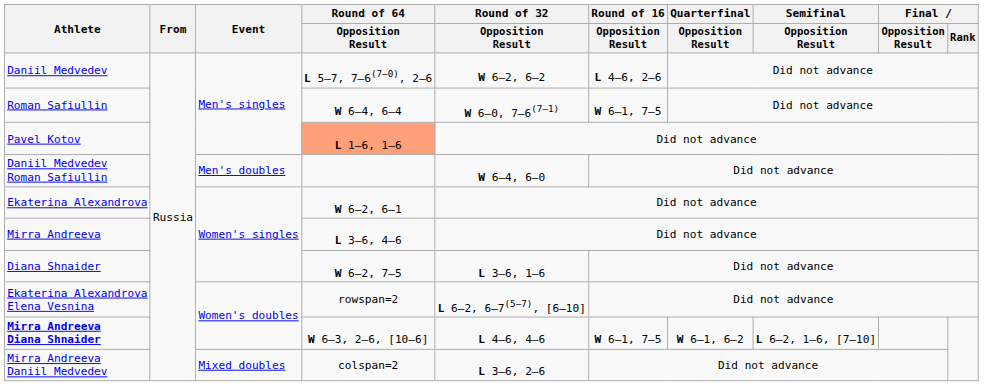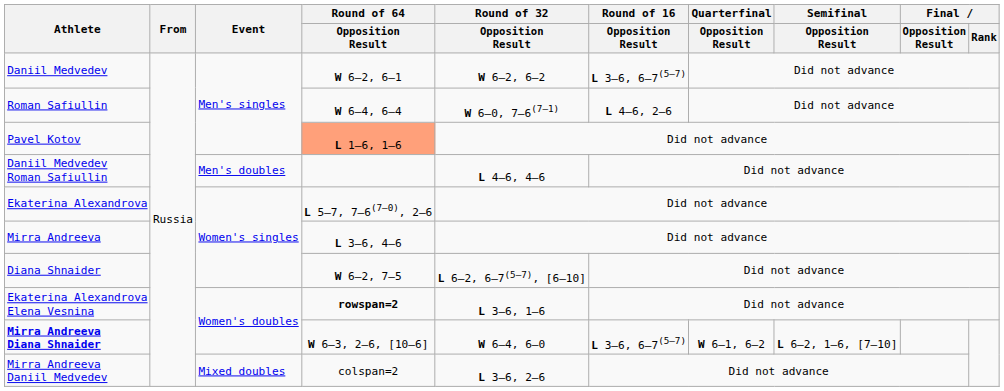 <table class=wikitable style="text-align:center; font-size:90%">
 <tr>
 <th rowspan=2>Athlete</th>
 <th rowspan=2>From</th>
 <th rowspan=2>Event</th>
 <th>Round of 64</th>
 <th>Round of 32</th>
 <th>Round of 16</th>
 <th>Quarterfinal</th>
 <th>Semifinal</th>
 <th colspan=2>Final / </th>
 </tr>
 <tr style="font-size:95%">
 <th>Opposition<br>Result</th>
 <th>Opposition<br>Result</th>
 <th>Opposition<br>Result</th>
 <th>Opposition<br>Result</th>
 <th>Opposition<br>Result</th>
 <th>Opposition<br>Result</th>
 <th>Rank</th>
 </tr>
 <tr>
 <td align=left><a href='#'>Daniil Medvedev</a></td>
 <td align=left rowspan=10>Russia</td>
 <td align=left rowspan=3><a href='#'>Men's singles</a></td>
-<td><br><strong>L</strong> 5–7, 7–6<sup>(7–0)</sup>, 2–6</td>
+<td><br><strong>W</strong> 6–2, 6–1</td>
 <td><br><strong>W</strong> 6–2, 6–2</td>
-<td><br><strong>L</strong> 4–6, 2–6</td>
+<td><br><strong>L</strong> 3–6, 6–7<sup>(5–7)</sup></td>
 <td colspan=4>Did not advance</td>
 </tr>
 <tr>
 <td align=left><a href='#'>Roman Safiullin</a></td>
 <td><br><strong>W</strong> 6–4, 6–4</td>
 <td><br><strong>W</strong> 6–0, 7–6<sup>(7–1)</sup></td>
-<td><br><strong>W</strong> 6–1, 7–5</td>
+<td><br><strong>L</strong> 4–6, 2–6</td>
 <td colspan=4>Did not advance</td>
 </tr>
 <tr>
 <td align=left><a href='#'>Pavel Kotov</a></td>
 <td style="background: lightsalmon;"><br><strong>L</strong> 1–6, 1–6</td>
 <td colspan=6>Did not advance</td>
 </tr>
 <tr>
 <td align=left><a href='#'>Daniil Medvedev</a><br><a href='#'>Roman Safiullin</a></td>
 <td align=left><a href='#'>Men's doubles</a></td>
 <td></td>
-<td><br><strong>W</strong> 6–4, 6–0</td>
+<td><br><strong>L</strong> 4–6, 4–6</td>
 <td colspan=5>Did not advance</td>
 </tr>
 <tr>
 <td align=left><a href='#'>Ekaterina Alexandrova</a></td>
 <td align=left rowspan=3><a href='#'>Women's singles</a></td>
-<td><br><strong>W</strong> 6–2, 6–1</td>
+<td><br><strong>L</strong> 5–7, 7–6<sup>(7–0)</sup>, 2–6</td>
 <td colspan=6>Did not advance</td>
 </tr>
 <tr>
 <td align=left><a href='#'>Mirra Andreeva</a></td>
 <td><br><strong>L</strong> 3–6, 4–6</td>
 <td colspan=6>Did not advance</td>
 </tr>
 <tr>
 <td align=left><a href='#'>Diana Shnaider</a></td>
 <td><br><strong>W</strong> 6–2, 7–5</td>
-<td><br><strong>L</strong> 3–6, 1–6</td>
+<td><br><strong>L</strong> 6–2, 6–7<sup>(5–7)</sup>, [6–10]</td>
 <td colspan=5>Did not advance</td>
 </tr>
 <tr>
 <td align=left><a href='#'>Ekaterina Alexandrova</a><br><a href='#'>Elena Vesnina</a></td>
 <td align=left rowspan=2><a href='#'>Women's doubles</a></td>
-<td>rowspan=2 </td>
-<td><br><strong>L</strong> 6–2, 6–7<sup>(5–7)</sup>, [6–10]</td>
+<td><strong>rowspan=2 </strong></td>
+<td><br><strong>L</strong> 3–6, 1–6</td>
 <td colspan=5>Did not advance</td>
 </tr>
 <tr>
 <td align=left><strong><a href='#'>Mirra Andreeva</a><br><a href='#'>Diana Shnaider</a></strong></td>
 <td><br><strong>W</strong> 6–3, 2–6, [10–6]</td>
-<td><br><strong>L</strong> 4–6, 4–6</td>
-<td><br><strong>W</strong> 6–1, 7–5</td>
+<td><br><strong>W</strong> 6–4, 6–0</td>
+<td><br><strong>L</strong> 3–6, 6–7<sup>(5–7)</sup></td>
 <td><br><strong>W</strong> 6–1, 6–2</td>
 <td><br><strong>L</strong> 6–2, 1–6, [7–10]</td>
 <td></td>
 </tr>
 <tr>
 <td align=left><a href='#'>Mirra Andreeva</a><br><a href='#'>Daniil Medvedev</a></td>
 <td align=left rowspan=1><a href='#'>Mixed doubles</a></td>
 <td>colspan=2 </td>
 <td><br><strong>L</strong> 3–6, 2–6</td>
 <td colspan=4>Did not advance</td>
 </tr>
 </table>
